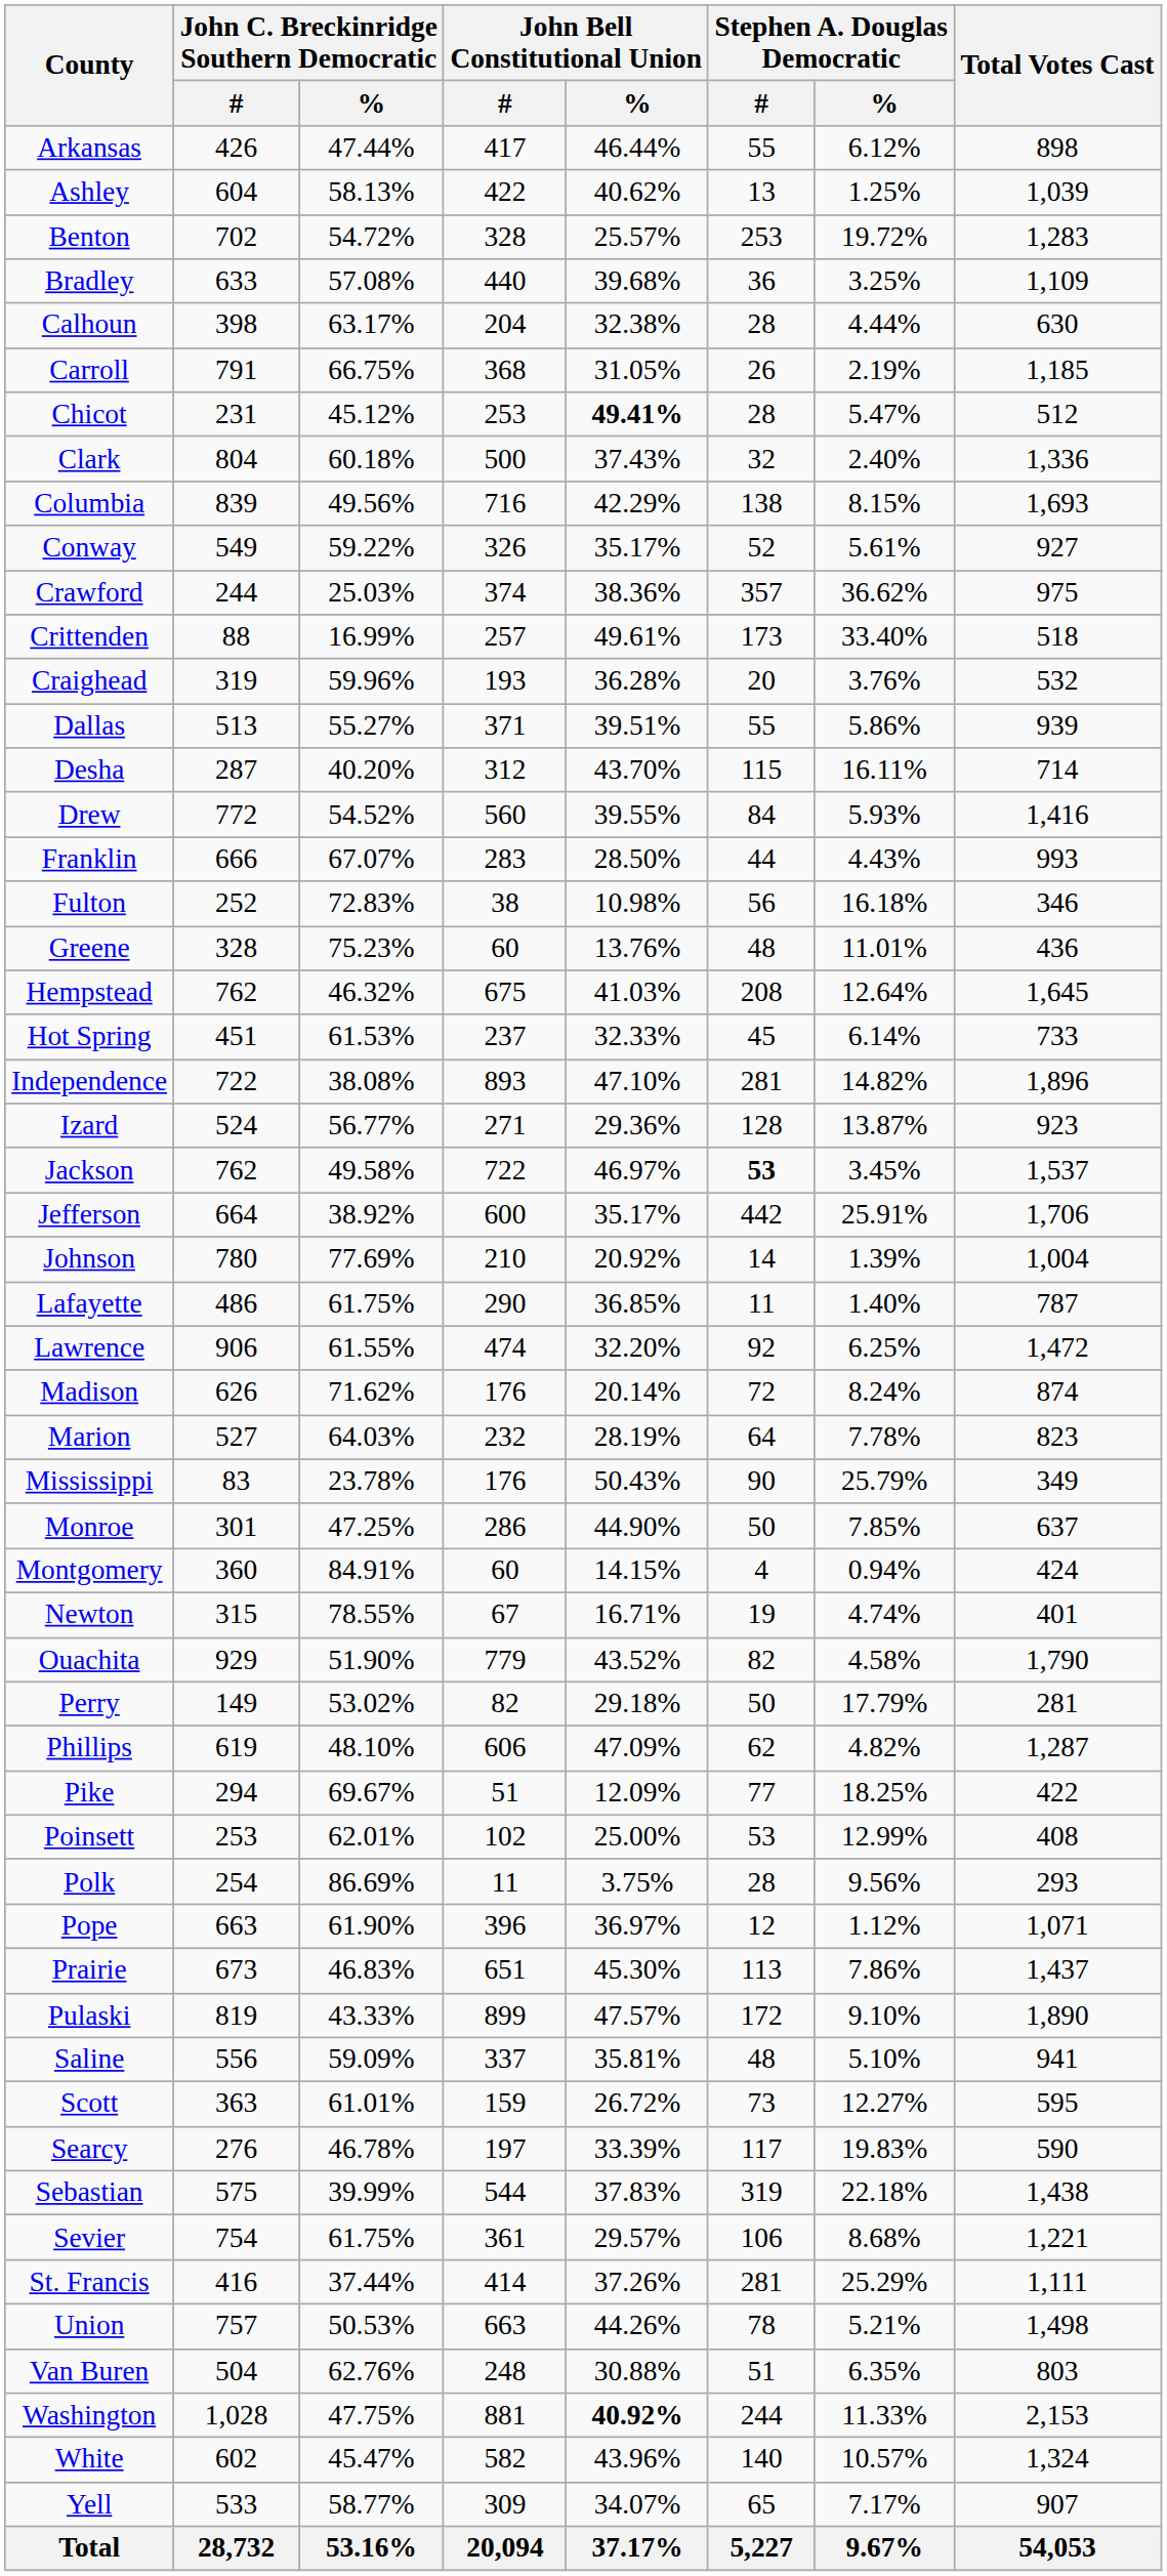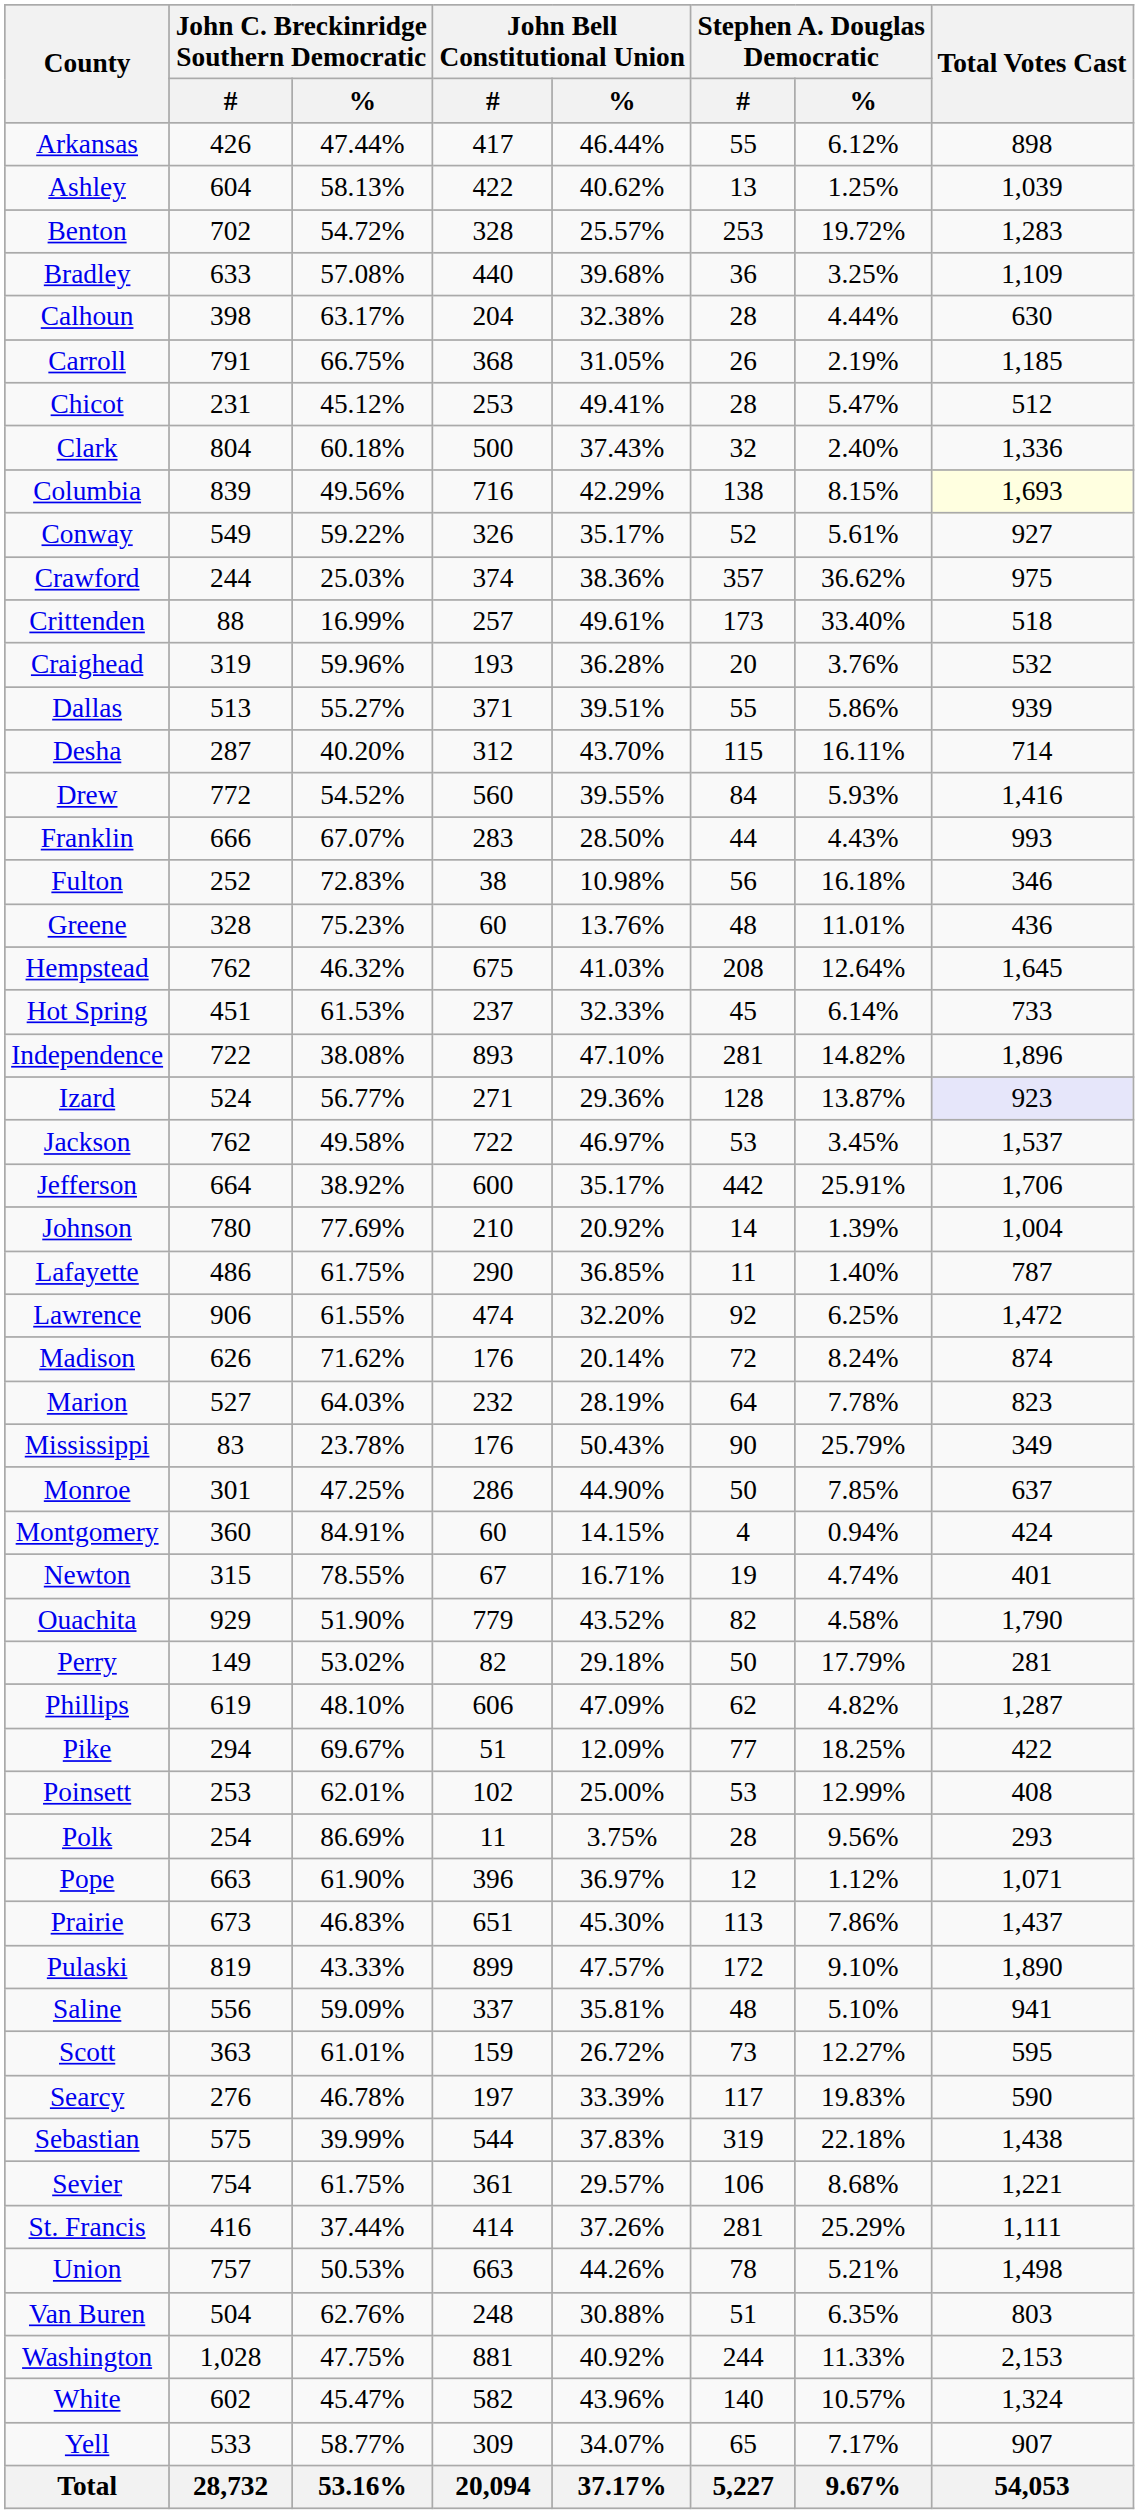 <table class="wikitable sortable">
 <tr>
 <th rowspan="2">County</th>
 <th colspan="2">John C. Breckinridge<br>Southern Democratic</th>
 <th colspan="2">John Bell<br>Constitutional Union</th>
 <th colspan="2">Stephen A. Douglas<br>Democratic</th>
 <th rowspan="2">Total Votes Cast</th>
 </tr>
 <tr style="text-align:center;">
 <th>#</th>
 <th>%</th>
 <th>#</th>
 <th>%</th>
 <th>#</th>
 <th>%</th>
 </tr>
 <tr style="text-align:center;">
 <td><a href='#'>Arkansas</a></td>
 <td>426</td>
 <td>47.44%</td>
 <td>417</td>
 <td>46.44%</td>
 <td>55</td>
 <td>6.12%</td>
 <td>898</td>
 </tr>
 <tr style="text-align:center;">
 <td><a href='#'>Ashley</a></td>
 <td>604</td>
 <td>58.13%</td>
 <td>422</td>
 <td>40.62%</td>
 <td>13</td>
 <td>1.25%</td>
 <td>1,039</td>
 </tr>
 <tr style="text-align:center;">
 <td><a href='#'>Benton</a></td>
 <td>702</td>
 <td>54.72%</td>
 <td>328</td>
 <td>25.57%</td>
 <td>253</td>
 <td>19.72%</td>
 <td>1,283</td>
 </tr>
 <tr style="text-align:center;">
 <td><a href='#'>Bradley</a></td>
 <td>633</td>
 <td>57.08%</td>
 <td>440</td>
 <td>39.68%</td>
 <td>36</td>
 <td>3.25%</td>
 <td>1,109</td>
 </tr>
 <tr style="text-align:center;">
 <td><a href='#'>Calhoun</a></td>
 <td>398</td>
 <td>63.17%</td>
 <td>204</td>
 <td>32.38%</td>
 <td>28</td>
 <td>4.44%</td>
 <td>630</td>
 </tr>
 <tr style="text-align:center;">
 <td><a href='#'>Carroll</a></td>
 <td>791</td>
 <td>66.75%</td>
 <td>368</td>
 <td>31.05%</td>
 <td>26</td>
 <td>2.19%</td>
 <td>1,185</td>
 </tr>
 <tr style="text-align:center;">
 <td><a href='#'>Chicot</a></td>
 <td>231</td>
 <td>45.12%</td>
 <td>253</td>
-<td><strong>49.41%</strong></td>
+<td>49.41%</td>
 <td>28</td>
 <td>5.47%</td>
 <td>512</td>
 </tr>
 <tr style="text-align:center;">
 <td><a href='#'>Clark</a></td>
 <td>804</td>
 <td>60.18%</td>
 <td>500</td>
 <td>37.43%</td>
 <td>32</td>
 <td>2.40%</td>
 <td>1,336</td>
 </tr>
 <tr style="text-align:center;">
 <td><a href='#'>Columbia</a></td>
 <td>839</td>
 <td>49.56%</td>
 <td>716</td>
 <td>42.29%</td>
 <td>138</td>
 <td>8.15%</td>
-<td>1,693</td>
+<td style="background: lightyellow;">1,693</td>
 </tr>
 <tr style="text-align:center;">
 <td><a href='#'>Conway</a></td>
 <td>549</td>
 <td>59.22%</td>
 <td>326</td>
 <td>35.17%</td>
 <td>52</td>
 <td>5.61%</td>
 <td>927</td>
 </tr>
 <tr style="text-align:center;">
 <td><a href='#'>Crawford</a></td>
 <td>244</td>
 <td>25.03%</td>
 <td>374</td>
 <td>38.36%</td>
 <td>357</td>
 <td>36.62%</td>
 <td>975</td>
 </tr>
 <tr style="text-align:center;">
 <td><a href='#'>Crittenden</a></td>
 <td>88</td>
 <td>16.99%</td>
 <td>257</td>
 <td>49.61%</td>
 <td>173</td>
 <td>33.40%</td>
 <td>518</td>
 </tr>
 <tr style="text-align:center;">
 <td><a href='#'>Craighead</a></td>
 <td>319</td>
 <td>59.96%</td>
 <td>193</td>
 <td>36.28%</td>
 <td>20</td>
 <td>3.76%</td>
 <td>532</td>
 </tr>
 <tr style="text-align:center;">
 <td><a href='#'>Dallas</a></td>
 <td>513</td>
 <td>55.27%</td>
 <td>371</td>
 <td>39.51%</td>
 <td>55</td>
 <td>5.86%</td>
 <td>939</td>
 </tr>
 <tr style="text-align:center;">
 <td><a href='#'>Desha</a></td>
 <td>287</td>
 <td>40.20%</td>
 <td>312</td>
 <td>43.70%</td>
 <td>115</td>
 <td>16.11%</td>
 <td>714</td>
 </tr>
 <tr style="text-align:center;">
 <td><a href='#'>Drew</a></td>
 <td>772</td>
 <td>54.52%</td>
 <td>560</td>
 <td>39.55%</td>
 <td>84</td>
 <td>5.93%</td>
 <td>1,416</td>
 </tr>
 <tr style="text-align:center;">
 <td><a href='#'>Franklin</a></td>
 <td>666</td>
 <td>67.07%</td>
 <td>283</td>
 <td>28.50%</td>
 <td>44</td>
 <td>4.43%</td>
 <td>993</td>
 </tr>
 <tr style="text-align:center;">
 <td><a href='#'>Fulton</a></td>
 <td>252</td>
 <td>72.83%</td>
 <td>38</td>
 <td>10.98%</td>
 <td>56</td>
 <td>16.18%</td>
 <td>346</td>
 </tr>
 <tr style="text-align:center;">
 <td><a href='#'>Greene</a></td>
 <td>328</td>
 <td>75.23%</td>
 <td>60</td>
 <td>13.76%</td>
 <td>48</td>
 <td>11.01%</td>
 <td>436</td>
 </tr>
 <tr style="text-align:center;">
 <td><a href='#'>Hempstead</a></td>
 <td>762</td>
 <td>46.32%</td>
 <td>675</td>
 <td>41.03%</td>
 <td>208</td>
 <td>12.64%</td>
 <td>1,645</td>
 </tr>
 <tr style="text-align:center;">
 <td><a href='#'>Hot Spring</a></td>
 <td>451</td>
 <td>61.53%</td>
 <td>237</td>
 <td>32.33%</td>
 <td>45</td>
 <td>6.14%</td>
 <td>733</td>
 </tr>
 <tr style="text-align:center;">
 <td><a href='#'>Independence</a></td>
 <td>722</td>
 <td>38.08%</td>
 <td>893</td>
 <td>47.10%</td>
 <td>281</td>
 <td>14.82%</td>
 <td>1,896</td>
 </tr>
 <tr style="text-align:center;">
 <td><a href='#'>Izard</a></td>
 <td>524</td>
 <td>56.77%</td>
 <td>271</td>
 <td>29.36%</td>
 <td>128</td>
 <td>13.87%</td>
-<td>923</td>
+<td style="background: lavender;">923</td>
 </tr>
 <tr style="text-align:center;">
 <td><a href='#'>Jackson</a></td>
 <td>762</td>
 <td>49.58%</td>
 <td>722</td>
 <td>46.97%</td>
-<td><strong>53</strong></td>
+<td>53</td>
 <td>3.45%</td>
 <td>1,537</td>
 </tr>
 <tr style="text-align:center;">
 <td><a href='#'>Jefferson</a></td>
 <td>664</td>
 <td>38.92%</td>
 <td>600</td>
 <td>35.17%</td>
 <td>442</td>
 <td>25.91%</td>
 <td>1,706</td>
 </tr>
 <tr style="text-align:center;">
 <td><a href='#'>Johnson</a></td>
 <td>780</td>
 <td>77.69%</td>
 <td>210</td>
 <td>20.92%</td>
 <td>14</td>
 <td>1.39%</td>
 <td>1,004</td>
 </tr>
 <tr style="text-align:center;">
 <td><a href='#'>Lafayette</a></td>
 <td>486</td>
 <td>61.75%</td>
 <td>290</td>
 <td>36.85%</td>
 <td>11</td>
 <td>1.40%</td>
 <td>787</td>
 </tr>
 <tr style="text-align:center;">
 <td><a href='#'>Lawrence</a></td>
 <td>906</td>
 <td>61.55%</td>
 <td>474</td>
 <td>32.20%</td>
 <td>92</td>
 <td>6.25%</td>
 <td>1,472</td>
 </tr>
 <tr style="text-align:center;">
 <td><a href='#'>Madison</a></td>
 <td>626</td>
 <td>71.62%</td>
 <td>176</td>
 <td>20.14%</td>
 <td>72</td>
 <td>8.24%</td>
 <td>874</td>
 </tr>
 <tr style="text-align:center;">
 <td><a href='#'>Marion</a></td>
 <td>527</td>
 <td>64.03%</td>
 <td>232</td>
 <td>28.19%</td>
 <td>64</td>
 <td>7.78%</td>
 <td>823</td>
 </tr>
 <tr style="text-align:center;">
 <td><a href='#'>Mississippi</a></td>
 <td>83</td>
 <td>23.78%</td>
 <td>176</td>
 <td>50.43%</td>
 <td>90</td>
 <td>25.79%</td>
 <td>349</td>
 </tr>
 <tr style="text-align:center;">
 <td><a href='#'>Monroe</a></td>
 <td>301</td>
 <td>47.25%</td>
 <td>286</td>
 <td>44.90%</td>
 <td>50</td>
 <td>7.85%</td>
 <td>637</td>
 </tr>
 <tr style="text-align:center;">
 <td><a href='#'>Montgomery</a></td>
 <td>360</td>
 <td>84.91%</td>
 <td>60</td>
 <td>14.15%</td>
 <td>4</td>
 <td>0.94%</td>
 <td>424</td>
 </tr>
 <tr style="text-align:center;">
 <td><a href='#'>Newton</a></td>
 <td>315</td>
 <td>78.55%</td>
 <td>67</td>
 <td>16.71%</td>
 <td>19</td>
 <td>4.74%</td>
 <td>401</td>
 </tr>
 <tr style="text-align:center;">
 <td><a href='#'>Ouachita</a></td>
 <td>929</td>
 <td>51.90%</td>
 <td>779</td>
 <td>43.52%</td>
 <td>82</td>
 <td>4.58%</td>
 <td>1,790</td>
 </tr>
 <tr style="text-align:center;">
 <td><a href='#'>Perry</a></td>
 <td>149</td>
 <td>53.02%</td>
 <td>82</td>
 <td>29.18%</td>
 <td>50</td>
 <td>17.79%</td>
 <td>281</td>
 </tr>
 <tr style="text-align:center;">
 <td><a href='#'>Phillips</a></td>
 <td>619</td>
 <td>48.10%</td>
 <td>606</td>
 <td>47.09%</td>
 <td>62</td>
 <td>4.82%</td>
 <td>1,287</td>
 </tr>
 <tr style="text-align:center;">
 <td><a href='#'>Pike</a></td>
 <td>294</td>
 <td>69.67%</td>
 <td>51</td>
 <td>12.09%</td>
 <td>77</td>
 <td>18.25%</td>
 <td>422</td>
 </tr>
 <tr style="text-align:center;">
 <td><a href='#'>Poinsett</a></td>
 <td>253</td>
 <td>62.01%</td>
 <td>102</td>
 <td>25.00%</td>
 <td>53</td>
 <td>12.99%</td>
 <td>408</td>
 </tr>
 <tr style="text-align:center;">
 <td><a href='#'>Polk</a></td>
 <td>254</td>
 <td>86.69%</td>
 <td>11</td>
 <td>3.75%</td>
 <td>28</td>
 <td>9.56%</td>
 <td>293</td>
 </tr>
 <tr style="text-align:center;">
 <td><a href='#'>Pope</a></td>
 <td>663</td>
 <td>61.90%</td>
 <td>396</td>
 <td>36.97%</td>
 <td>12</td>
 <td>1.12%</td>
 <td>1,071</td>
 </tr>
 <tr style="text-align:center;">
 <td><a href='#'>Prairie</a></td>
 <td>673</td>
 <td>46.83%</td>
 <td>651</td>
 <td>45.30%</td>
 <td>113</td>
 <td>7.86%</td>
 <td>1,437</td>
 </tr>
 <tr style="text-align:center;">
 <td><a href='#'>Pulaski</a></td>
 <td>819</td>
 <td>43.33%</td>
 <td>899</td>
 <td>47.57%</td>
 <td>172</td>
 <td>9.10%</td>
 <td>1,890</td>
 </tr>
 <tr style="text-align:center;">
 <td><a href='#'>Saline</a></td>
 <td>556</td>
 <td>59.09%</td>
 <td>337</td>
 <td>35.81%</td>
 <td>48</td>
 <td>5.10%</td>
 <td>941</td>
 </tr>
 <tr style="text-align:center;">
 <td><a href='#'>Scott</a></td>
 <td>363</td>
 <td>61.01%</td>
 <td>159</td>
 <td>26.72%</td>
 <td>73</td>
 <td>12.27%</td>
 <td>595</td>
 </tr>
 <tr style="text-align:center;">
 <td><a href='#'>Searcy</a></td>
 <td>276</td>
 <td>46.78%</td>
 <td>197</td>
 <td>33.39%</td>
 <td>117</td>
 <td>19.83%</td>
 <td>590</td>
 </tr>
 <tr style="text-align:center;">
 <td><a href='#'>Sebastian</a></td>
 <td>575</td>
 <td>39.99%</td>
 <td>544</td>
 <td>37.83%</td>
 <td>319</td>
 <td>22.18%</td>
 <td>1,438</td>
 </tr>
 <tr style="text-align:center;">
 <td><a href='#'>Sevier</a></td>
 <td>754</td>
 <td>61.75%</td>
 <td>361</td>
 <td>29.57%</td>
 <td>106</td>
 <td>8.68%</td>
 <td>1,221</td>
 </tr>
 <tr style="text-align:center;">
 <td><a href='#'>St. Francis</a></td>
 <td>416</td>
 <td>37.44%</td>
 <td>414</td>
 <td>37.26%</td>
 <td>281</td>
 <td>25.29%</td>
 <td>1,111</td>
 </tr>
 <tr style="text-align:center;">
 <td><a href='#'>Union</a></td>
 <td>757</td>
 <td>50.53%</td>
 <td>663</td>
 <td>44.26%</td>
 <td>78</td>
 <td>5.21%</td>
 <td>1,498</td>
 </tr>
 <tr style="text-align:center;">
 <td><a href='#'>Van Buren</a></td>
 <td>504</td>
 <td>62.76%</td>
 <td>248</td>
 <td>30.88%</td>
 <td>51</td>
 <td>6.35%</td>
 <td>803</td>
 </tr>
 <tr style="text-align:center;">
 <td><a href='#'>Washington</a></td>
 <td>1,028</td>
 <td>47.75%</td>
 <td>881</td>
-<td><strong>40.92%</strong></td>
+<td>40.92%</td>
 <td>244</td>
 <td>11.33%</td>
 <td>2,153</td>
 </tr>
 <tr style="text-align:center;">
 <td><a href='#'>White</a></td>
 <td>602</td>
 <td>45.47%</td>
 <td>582</td>
 <td>43.96%</td>
 <td>140</td>
 <td>10.57%</td>
 <td>1,324</td>
 </tr>
 <tr style="text-align:center;">
 <td><a href='#'>Yell</a></td>
 <td>533</td>
 <td>58.77%</td>
 <td>309</td>
 <td>34.07%</td>
 <td>65</td>
 <td>7.17%</td>
 <td>907</td>
 </tr>
 <tr style="text-align:center;">
 <th>Total</th>
 <th>28,732</th>
 <th>53.16%</th>
 <th>20,094</th>
 <th>37.17%</th>
 <th>5,227</th>
 <th>9.67%</th>
 <th>54,053</th>
 </tr>
 </table>
